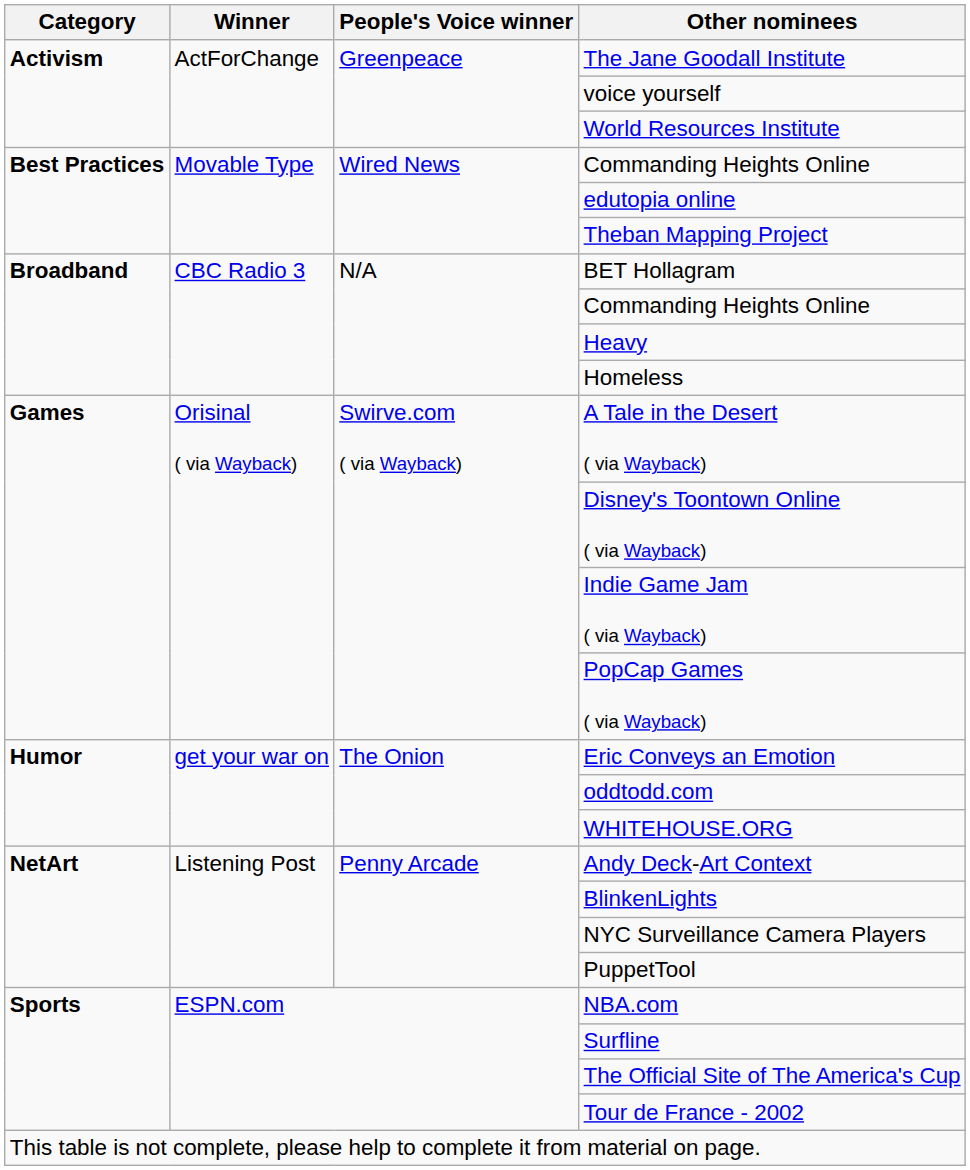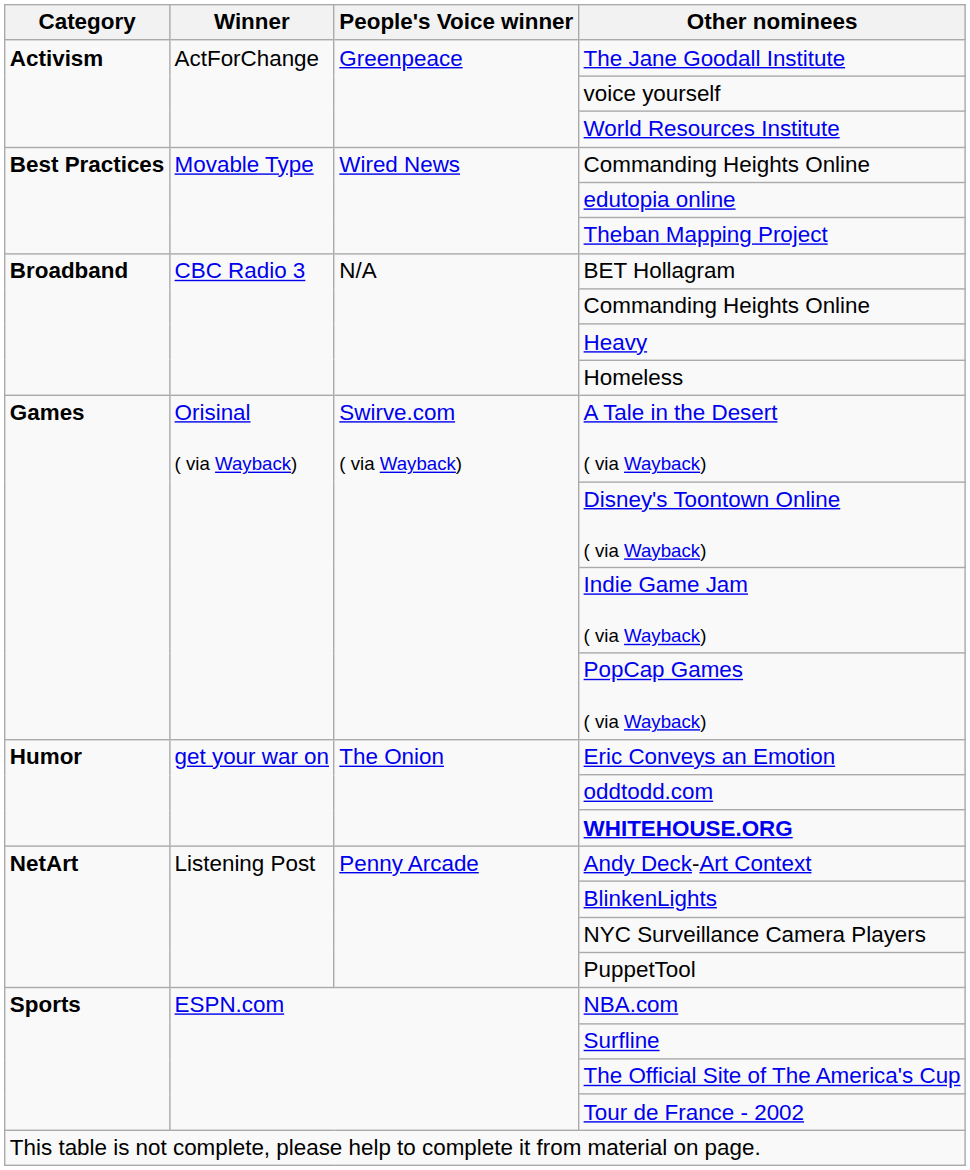 <table class="wikitable">
 <tr>
 <th>Category</th>
 <th>Winner</th>
 <th>People's Voice winner</th>
 <th>Other nominees</th>
 </tr>
 <tr valign="top">
 <td rowspan="3"><strong>Activism</strong></td>
 <td rowspan="3">ActForChange</td>
 <td rowspan="3"><a href='#'>Greenpeace</a></td>
 <td><a href='#'>The Jane Goodall Institute</a></td>
 </tr>
 <tr valign="top">
 <td>voice yourself</td>
 </tr>
 <tr valign="top">
 <td><a href='#'>World Resources Institute</a></td>
 </tr>
 <tr valign="top">
 <td rowspan="3"><strong>Best Practices</strong></td>
 <td rowspan="3"><a href='#'>Movable Type</a></td>
 <td rowspan="3"><a href='#'>Wired News</a></td>
 <td>Commanding Heights Online</td>
 </tr>
 <tr valign="top">
 <td><a href='#'>edutopia online</a></td>
 </tr>
 <tr valign="top">
 <td><a href='#'>Theban Mapping Project</a></td>
 </tr>
 <tr valign="top">
 <td rowspan="4"><strong>Broadband</strong></td>
 <td rowspan="4"><a href='#'>CBC Radio 3</a></td>
 <td rowspan="4">N/A</td>
 <td>BET Hollagram</td>
 </tr>
 <tr valign="top">
 <td>Commanding Heights Online</td>
 </tr>
 <tr valign="top">
 <td><a href='#'>Heavy</a></td>
 </tr>
 <tr valign="top">
 <td>Homeless</td>
 </tr>
 <tr valign="top">
 <td rowspan="4"><strong>Games</strong></td>
 <td rowspan="4"><a href='#'>Orisinal</a><br><br><small>( via <a href='#'>Wayback</a>)</small></td>
 <td rowspan="4"><a href='#'>Swirve.com</a><br><br><small>( via <a href='#'>Wayback</a>)</small></td>
 <td><a href='#'>A Tale in the Desert</a><br><br><small>( via <a href='#'>Wayback</a>)</small></td>
 </tr>
 <tr valign="top">
 <td><a href='#'>Disney's Toontown Online</a><br><br><small>( via <a href='#'>Wayback</a>)</small></td>
 </tr>
 <tr valign="top">
 <td><a href='#'>Indie Game Jam</a><br><br><small>( via <a href='#'>Wayback</a>)</small></td>
 </tr>
 <tr valign="top">
 <td><a href='#'>PopCap Games</a><br><br><small>( via <a href='#'>Wayback</a>)</small></td>
 </tr>
 <tr valign="top">
 <td rowspan="3"><strong>Humor</strong></td>
 <td rowspan="3"><a href='#'>get your war on</a></td>
 <td rowspan="3"><a href='#'>The Onion</a></td>
 <td><a href='#'>Eric Conveys an Emotion</a></td>
 </tr>
 <tr valign="top">
 <td><a href='#'>oddtodd.com</a></td>
 </tr>
 <tr valign="top">
-<td><a href='#'>WHITEHOUSE.ORG</a></td>
+<td><strong><a href='#'>WHITEHOUSE.ORG</a></strong></td>
 </tr>
 <tr valign="top">
 <td rowspan="4"><strong>NetArt</strong></td>
 <td rowspan="4">Listening Post</td>
 <td rowspan="4"><a href='#'>Penny Arcade</a></td>
 <td><a href='#'>Andy Deck</a>-<a href='#'>Art Context</a></td>
 </tr>
 <tr valign="top">
 <td><a href='#'>BlinkenLights</a></td>
 </tr>
 <tr valign="top">
 <td>NYC Surveillance Camera Players</td>
 </tr>
 <tr valign="top">
 <td>PuppetTool</td>
 </tr>
 <tr valign="top">
 <td rowspan="4"><strong>Sports</strong></td>
 <td rowspan="4" colspan="2"><a href='#'>ESPN.com</a></td>
 <td><a href='#'>NBA.com</a></td>
 </tr>
 <tr valign="top">
 <td><a href='#'>Surfline</a></td>
 </tr>
 <tr valign="top">
 <td><a href='#'>The Official Site of The America's Cup</a></td>
 </tr>
 <tr valign="top">
 <td><a href='#'>Tour de France - 2002</a></td>
 </tr>
 <tr>
 <td colspan=4>This table is not complete, please help to complete it from material on  page.</td>
 </tr>
 </table>
